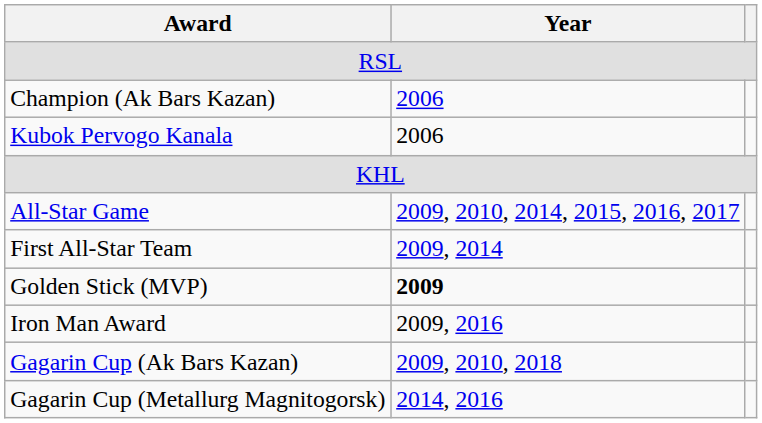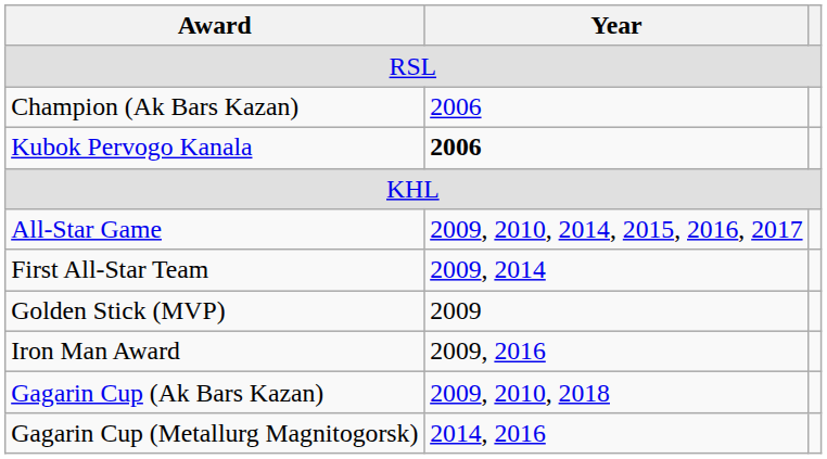 <table class="wikitable">
 <tr>
 <th>Award</th>
 <th>Year</th>
 <th></th>
 </tr>
 <tr ALIGN="center" bgcolor="#e0e0e0">
 <td colspan="3"><a href='#'>RSL</a></td>
 </tr>
 <tr>
 <td>Champion (Ak Bars Kazan)</td>
 <td><a href='#'>2006</a></td>
 <td></td>
 </tr>
 <tr>
 <td><a href='#'>Kubok Pervogo Kanala</a></td>
-<td>2006</td>
+<td><strong>2006</strong></td>
 <td></td>
 </tr>
 <tr ALIGN="center" bgcolor="#e0e0e0">
 <td colspan="3"><a href='#'>KHL</a></td>
 </tr>
 <tr>
 <td><a href='#'>All-Star Game</a></td>
 <td><a href='#'>2009</a>, <a href='#'>2010</a>, <a href='#'>2014</a>, <a href='#'>2015</a>, <a href='#'>2016</a>, <a href='#'>2017</a></td>
 <td></td>
 </tr>
 <tr>
 <td>First All-Star Team</td>
 <td><a href='#'>2009</a>, <a href='#'>2014</a></td>
 <td></td>
 </tr>
 <tr>
 <td>Golden Stick (MVP)</td>
-<td><strong>2009</strong></td>
+<td>2009</td>
 <td></td>
 </tr>
 <tr>
 <td>Iron Man Award</td>
 <td>2009, <a href='#'>2016</a></td>
 <td></td>
 </tr>
 <tr>
 <td><a href='#'>Gagarin Cup</a> (Ak Bars Kazan)</td>
 <td><a href='#'>2009</a>, <a href='#'>2010</a>, <a href='#'>2018</a></td>
 <td></td>
 </tr>
 <tr>
 <td>Gagarin Cup (Metallurg Magnitogorsk)</td>
 <td><a href='#'>2014</a>, <a href='#'>2016</a></td>
 <td></td>
 </tr>
 </table>
